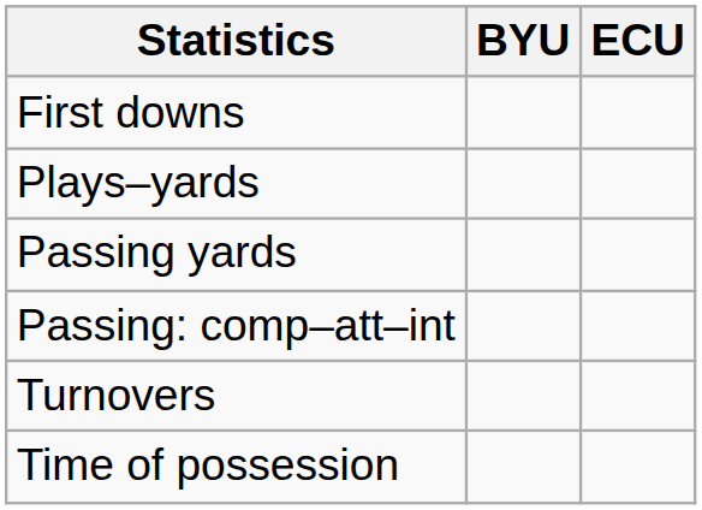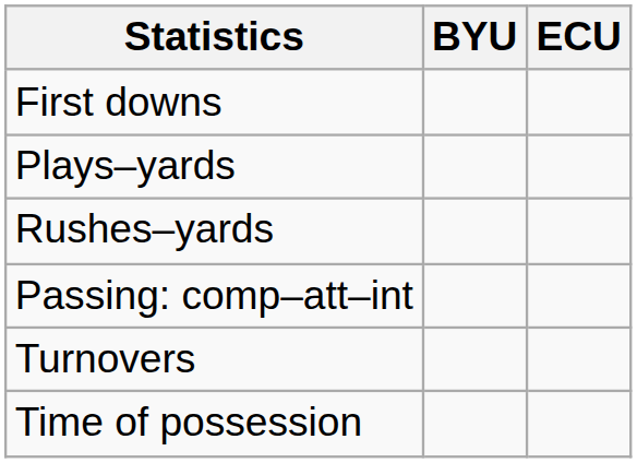 <table class="wikitable" style="float:left">
 <tr>
 <th>Statistics</th>
 <th>BYU</th>
 <th>ECU</th>
 </tr>
 <tr>
 <td>First downs</td>
 <td></td>
 <td></td>
 </tr>
 <tr>
 <td>Plays–yards</td>
 <td></td>
 <td></td>
 </tr>
 <tr>
-<td>Passing yards</td>
+<td>Rushes–yards</td>
 <td></td>
 <td></td>
 </tr>
 <tr>
 <td>Passing: comp–att–int</td>
 <td></td>
 <td></td>
 </tr>
 <tr>
 <td>Turnovers</td>
 <td></td>
 <td></td>
 </tr>
 <tr>
 <td>Time of possession</td>
 <td></td>
 <td></td>
 </tr>
 </table>
